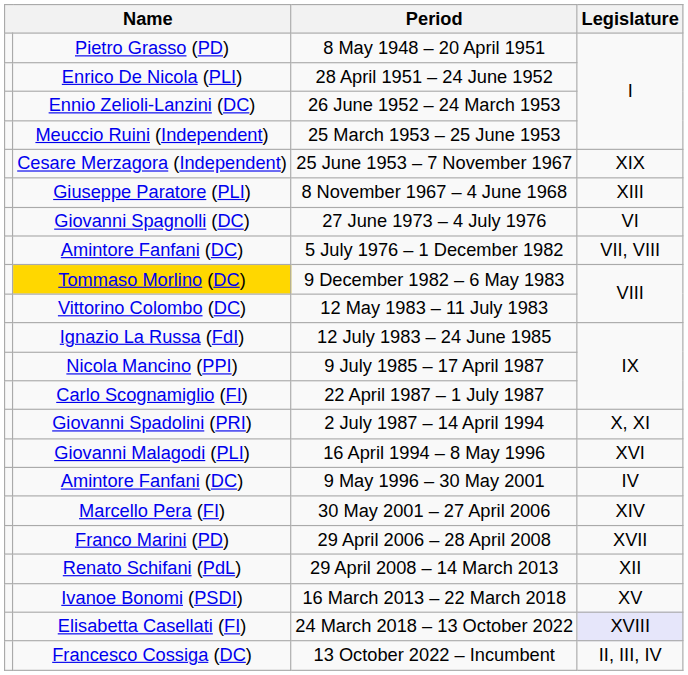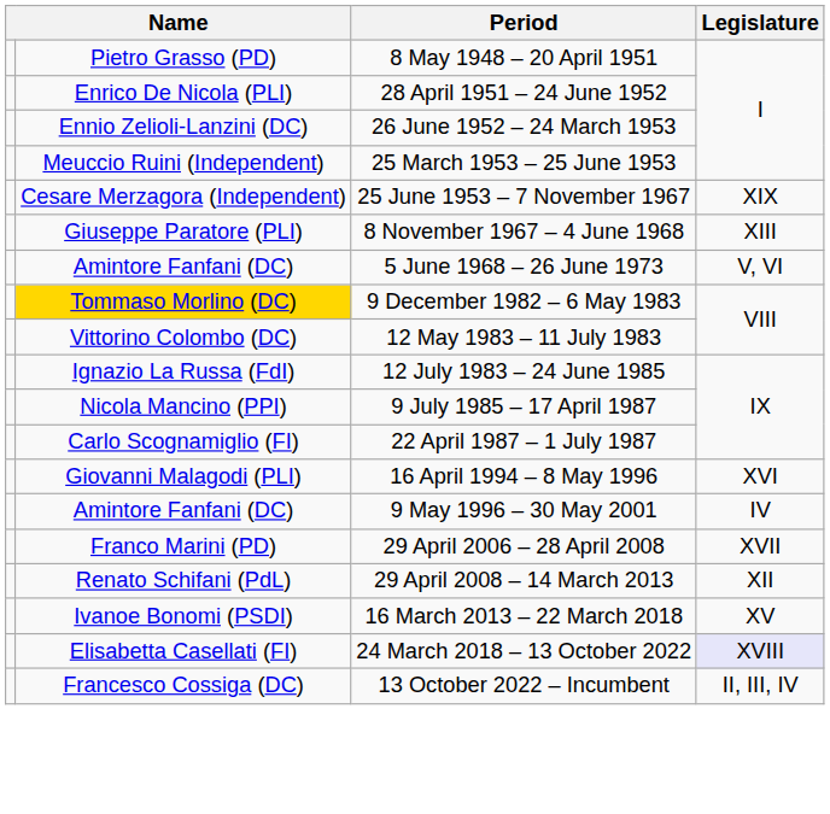 <table class="wikitable">
 <tr>
 <th colspan=2>Name</th>
 <th>Period</th>
 <th>Legislature</th>
 </tr>
 <tr align=center>
 <td style="background:"></td>
 <td><a href='#'>Pietro Grasso</a> (<a href='#'>PD</a>)</td>
 <td>8 May 1948 – 20 April 1951</td>
 <td rowspan=4>I</td>
 </tr>
 <tr align=center>
 <td style="background:"></td>
 <td><a href='#'>Enrico De Nicola</a> (<a href='#'>PLI</a>)</td>
 <td>28 April 1951 – 24 June 1952</td>
 </tr>
 <tr align=center>
 <td style="background:"></td>
 <td><a href='#'>Ennio Zelioli-Lanzini</a> (<a href='#'>DC</a>)</td>
 <td>26 June 1952 – 24 March 1953</td>
 </tr>
 <tr align=center>
 <td style="background:"></td>
 <td><a href='#'>Meuccio Ruini</a> (<a href='#'>Independent</a>)</td>
 <td>25 March 1953 – 25 June 1953</td>
 </tr>
 <tr align=center>
 <td style="background:"></td>
 <td><a href='#'>Cesare Merzagora</a> (<a href='#'>Independent</a>)</td>
 <td>25 June 1953 – 7 November 1967</td>
 <td>XIX</td>
 </tr>
 <tr align=center>
 <td style="background:"></td>
 <td><a href='#'>Giuseppe Paratore</a> (<a href='#'>PLI</a>)</td>
 <td>8 November 1967 – 4 June 1968</td>
 <td>XIII</td>
 </tr>
 <tr align=center>
 <td style="background:"></td>
-<td><a href='#'>Giovanni Spagnolli</a> (<a href='#'>DC</a>)</td>
-<td>27 June 1973 – 4 July 1976</td>
-<td>VI</td>
-</tr>
-<tr align=center>
-<td style="background:"></td>
 <td><a href='#'>Amintore Fanfani</a> (<a href='#'>DC</a>)</td>
-<td>5 July 1976 – 1 December 1982</td>
-<td>VII, VIII</td>
+<td>5 June 1968 – 26 June 1973</td>
+<td>V, VI</td>
 </tr>
 <tr align=center>
 <td style="background:"></td>
 <td style="background: gold;"><a href='#'>Tommaso Morlino</a> (<a href='#'>DC</a>)</td>
 <td>9 December 1982 – 6 May 1983</td>
 <td rowspan=2>VIII</td>
 </tr>
 <tr align=center>
 <td style="background:"></td>
 <td><a href='#'>Vittorino Colombo</a> (<a href='#'>DC</a>)</td>
 <td>12 May 1983 – 11 July 1983</td>
 </tr>
 <tr align=center>
 <td style="background:"></td>
 <td><a href='#'>Ignazio La Russa</a> (<a href='#'>FdI</a>)</td>
 <td>12 July 1983 – 24 June 1985</td>
 <td rowspan=3>IX</td>
 </tr>
 <tr align=center>
 <td style="background:"></td>
 <td><a href='#'>Nicola Mancino</a> (<a href='#'>PPI</a>)</td>
 <td>9 July 1985 – 17 April 1987</td>
 </tr>
 <tr align=center>
 <td style="background:"></td>
 <td><a href='#'>Carlo Scognamiglio</a> (<a href='#'>FI</a>)</td>
 <td>22 April 1987 – 1 July 1987</td>
 </tr>
 <tr align=center>
 <td style="background:"></td>
-<td><a href='#'>Giovanni Spadolini</a> (<a href='#'>PRI</a>)</td>
-<td>2 July 1987 – 14 April 1994</td>
-<td>X, XI</td>
-</tr>
-<tr align=center>
-<td style="background:"></td>
 <td><a href='#'>Giovanni Malagodi</a> (<a href='#'>PLI</a>)</td>
 <td>16 April 1994 – 8 May 1996</td>
 <td>XVI</td>
 </tr>
 <tr align=center>
 <td style="background:"></td>
 <td><a href='#'>Amintore Fanfani</a> (<a href='#'>DC</a>)</td>
 <td>9 May 1996 – 30 May 2001</td>
 <td>IV</td>
-</tr>
-<tr align=center>
-<td style="background:"></td>
-<td><a href='#'>Marcello Pera</a> (<a href='#'>FI</a>)</td>
-<td>30 May 2001 – 27 April 2006</td>
-<td>XIV</td>
 </tr>
 <tr align=center>
 <td style="background:"></td>
 <td><a href='#'>Franco Marini</a> (<a href='#'>PD</a>)</td>
 <td>29 April 2006 – 28 April 2008</td>
 <td>XVII</td>
 </tr>
 <tr align=center>
 <td style="background:"></td>
 <td><a href='#'>Renato Schifani</a> (<a href='#'>PdL</a>)</td>
 <td>29 April 2008 – 14 March 2013</td>
 <td>XII</td>
 </tr>
 <tr align=center>
 <td style="background:"></td>
 <td><a href='#'>Ivanoe Bonomi</a> (<a href='#'>PSDI</a>)</td>
 <td>16 March 2013 – 22 March 2018</td>
 <td>XV</td>
 </tr>
 <tr align=center>
 <td style="background:"></td>
 <td><a href='#'>Elisabetta Casellati</a> (<a href='#'>FI</a>)</td>
 <td>24 March 2018 – 13 October 2022</td>
 <td style="background: lavender;">XVIII</td>
 </tr>
 <tr align=center>
 <td style="background:"></td>
 <td><a href='#'>Francesco Cossiga</a> (<a href='#'>DC</a>)</td>
 <td>13 October 2022 – Incumbent</td>
 <td>II, III, IV</td>
 </tr>
 </table>
